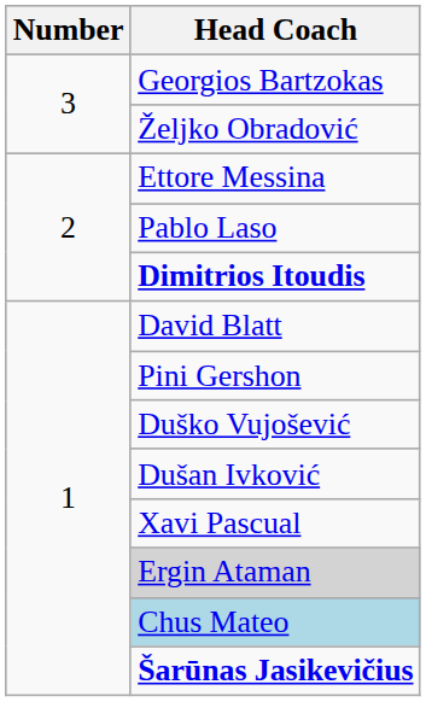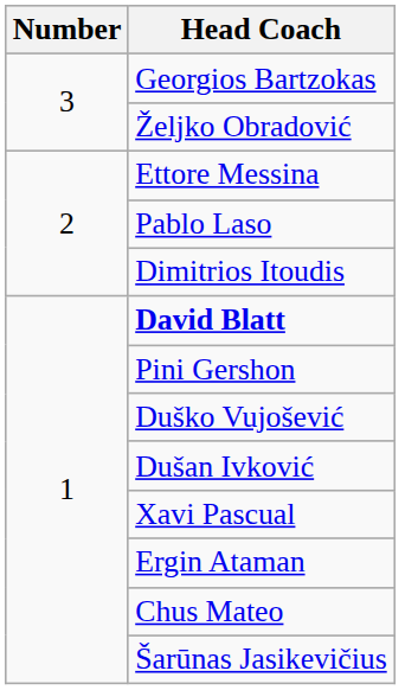 <table class="wikitable sortabe">
 <tr>
 <th>Number</th>
 <th>Head Coach</th>
 </tr>
 <tr>
 <td rowspan="2" style="text-align:center;">3</td>
 <td> <a href='#'>Georgios Bartzokas</a></td>
 </tr>
 <tr>
 <td> <a href='#'>Željko Obradović</a></td>
 </tr>
 <tr>
 <td rowspan="3" style="text-align:center;">2</td>
 <td> <a href='#'>Ettore Messina</a></td>
 </tr>
 <tr>
 <td> <a href='#'>Pablo Laso</a></td>
 </tr>
 <tr>
-<td><strong> <a href='#'>Dimitrios Itoudis</a></strong></td>
+<td> <a href='#'>Dimitrios Itoudis</a></td>
 </tr>
 <tr>
 <td rowspan=8 style="text-align:center;">1</td>
-<td> <a href='#'>David Blatt</a></td>
+<td><strong> <a href='#'>David Blatt</a></strong></td>
 </tr>
 <tr>
 <td> <a href='#'>Pini Gershon</a></td>
 </tr>
 <tr>
 <td> <a href='#'>Duško Vujošević</a></td>
 </tr>
 <tr>
 <td> <a href='#'>Dušan Ivković</a></td>
 </tr>
 <tr>
 <td> <a href='#'>Xavi Pascual</a></td>
 </tr>
 <tr>
-<td style="background: lightgrey;"> <a href='#'>Ergin Ataman</a></td>
+<td> <a href='#'>Ergin Ataman</a></td>
 </tr>
 <tr>
-<td style="background: lightblue;"> <a href='#'>Chus Mateo</a></td>
+<td> <a href='#'>Chus Mateo</a></td>
 </tr>
 <tr>
-<td><strong> <a href='#'>Šarūnas Jasikevičius</a></strong></td>
+<td> <a href='#'>Šarūnas Jasikevičius</a></td>
 </tr>
 </table>
